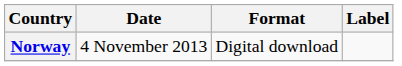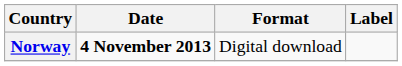 <table class="wikitable plainrowheaders">
 <tr>
 <th scope="col">Country</th>
 <th scope="col">Date</th>
 <th scope="col">Format</th>
 <th scope="col">Label</th>
 </tr>
 <tr>
 <th scope="row"><a href='#'>Norway</a></th>
-<td>4 November 2013</td>
+<td><strong>4 November 2013</strong></td>
 <td>Digital download</td>
 <td></td>
 </tr>
 <tr>
 </tr>
 </table>
